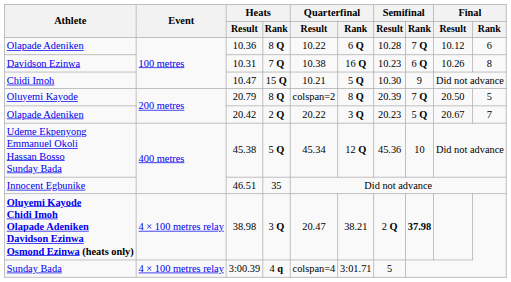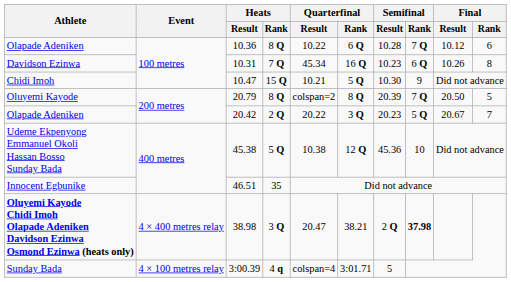 <table class="wikitable" style="font-size:90%">
 <tr>
 <th rowspan="2">Athlete</th>
 <th rowspan="2">Event</th>
 <th colspan="2">Heats</th>
 <th colspan="2">Quarterfinal</th>
 <th colspan="2">Semifinal</th>
 <th colspan="2">Final</th>
 </tr>
 <tr style="font-size:95%">
 <th>Result</th>
 <th>Rank</th>
 <th>Result</th>
 <th>Rank</th>
 <th>Result</th>
 <th>Rank</th>
 <th>Result</th>
 <th>Rank</th>
 </tr>
 <tr align=center>
 <td align=left><a href='#'>Olapade Adeniken</a></td>
 <td align=left rowspan=3><a href='#'>100 metres</a></td>
 <td>10.36</td>
 <td>8 <strong>Q</strong></td>
 <td>10.22</td>
 <td>6 <strong>Q</strong></td>
 <td>10.28</td>
 <td>7 <strong>Q</strong></td>
 <td>10.12</td>
 <td>6</td>
 </tr>
 <tr align=center>
 <td align=left><a href='#'>Davidson Ezinwa</a></td>
 <td>10.31</td>
 <td>7 <strong>Q</strong></td>
-<td>10.38</td>
+<td>45.34</td>
 <td>16 <strong>Q</strong></td>
 <td>10.23</td>
 <td>6 <strong>Q</strong></td>
 <td>10.26</td>
 <td>8</td>
 </tr>
 <tr align=center>
 <td align=left><a href='#'>Chidi Imoh</a></td>
 <td>10.47</td>
 <td>15 <strong>Q</strong></td>
 <td>10.21</td>
 <td>5 <strong>Q</strong></td>
 <td>10.30</td>
 <td>9</td>
 <td colspan=2>Did not advance</td>
 </tr>
 <tr align=center>
 <td align=left><a href='#'>Oluyemi Kayode</a></td>
 <td align=left rowspan=2><a href='#'>200 metres</a></td>
 <td>20.79</td>
 <td>8 <strong>Q</strong></td>
 <td>colspan=2</td>
 <td>8 <strong>Q</strong></td>
 <td>20.39</td>
 <td>7 <strong>Q</strong></td>
 <td>20.50</td>
 <td>5</td>
 </tr>
 <tr align=center>
 <td align=left><a href='#'>Olapade Adeniken</a></td>
 <td>20.42</td>
 <td>2 <strong>Q</strong></td>
 <td>20.22</td>
 <td>3 <strong>Q</strong></td>
 <td>20.23</td>
 <td>5 <strong>Q</strong></td>
 <td>20.67</td>
 <td>7</td>
 </tr>
 <tr align=center>
 <td align=left><a href='#'>Udeme Ekpenyong</a><br><a href='#'>Emmanuel Okoli</a><br><a href='#'>Hassan Bosso</a><br><a href='#'>Sunday Bada</a></td>
 <td align=left rowspan=2><a href='#'>400 metres</a></td>
 <td>45.38</td>
 <td>5 <strong>Q</strong></td>
-<td>45.34</td>
+<td>10.38</td>
 <td>12 <strong>Q</strong></td>
 <td>45.36</td>
 <td>10</td>
 <td colspan=2>Did not advance</td>
 </tr>
 <tr align=center>
 <td align=left><a href='#'>Innocent Egbunike</a></td>
 <td>46.51</td>
 <td>35</td>
 <td colspan=6>Did not advance</td>
 </tr>
 <tr align=center>
 <td align=left><strong><a href='#'>Oluyemi Kayode</a><br><a href='#'>Chidi Imoh</a><br><a href='#'>Olapade Adeniken</a><br><a href='#'>Davidson Ezinwa</a><br><a href='#'>Osmond Ezinwa</a> (heats only)</strong></td>
-<td align=left><a href='#'>4 × 100 metres relay</a></td>
+<td align=left><a href='#'>4 × 400 metres relay</a></td>
 <td>38.98</td>
 <td>3 <strong>Q</strong></td>
 <td>20.47</td>
 <td>38.21</td>
 <td>2 <strong>Q</strong></td>
 <td><strong>37.98</strong></td>
 <td></td>
 </tr>
 <tr align=center>
 <td align=left><a href='#'>Sunday Bada</a></td>
 <td align=left><a href='#'>4 × 100 metres relay</a></td>
 <td>3:00.39</td>
 <td>4 <strong>q</strong></td>
 <td>colspan=4</td>
 <td>3:01.71</td>
 <td>5</td>
 </tr>
 </table>
